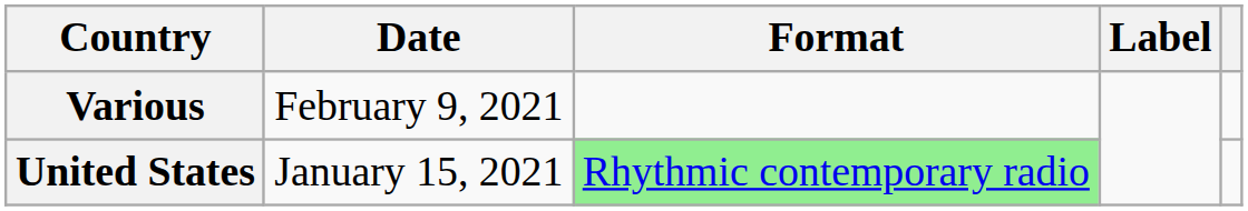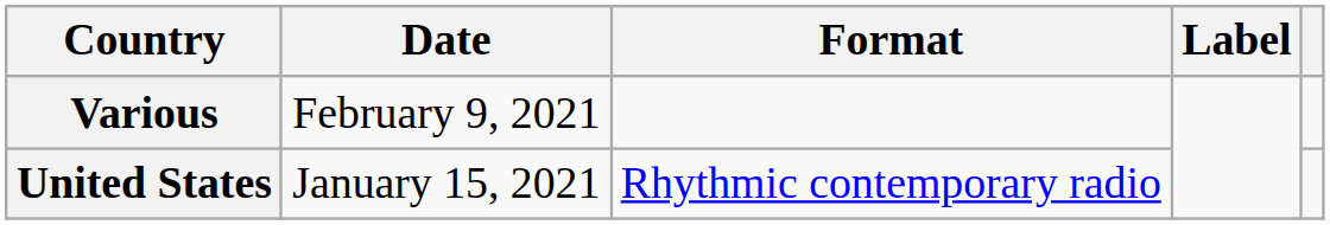 <table class="wikitable plainrowheaders" border="1">
 <tr>
 <th scope="col">Country</th>
 <th scope="col">Date</th>
 <th scope="col">Format</th>
 <th scope="col">Label</th>
 <th scope="col"></th>
 </tr>
 <tr>
 <th scope="row">Various</th>
 <td>February 9, 2021</td>
 <td></td>
 <td rowspan="2"></td>
 <td align="center"></td>
 </tr>
 <tr>
 <th scope="row">United States</th>
 <td>January 15, 2021</td>
-<td style="background: lightgreen;"><a href='#'>Rhythmic contemporary radio</a></td>
+<td><a href='#'>Rhythmic contemporary radio</a></td>
 <td align="center"></td>
 </tr>
 </table>
